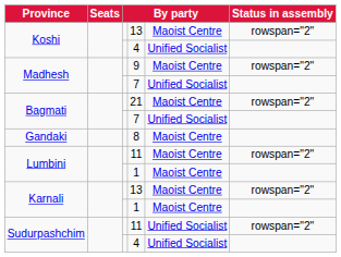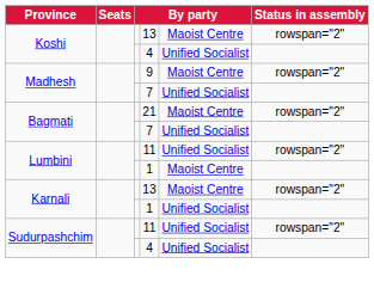 <table class="wikitable sortable" style="text-align:center">
 <tr>
 <th style="background-color:crimson; color:white">Province</th>
 <th style="background-color:crimson; color:white">Seats</th>
 <th colspan="3" style="background-color:crimson; color:white">By party</th>
 <th style="background-color:crimson; color:white">Status in assembly</th>
 </tr>
 <tr>
 <td rowspan="2"><a href='#'>Koshi</a></td>
 <td rowspan="2"></td>
 <td></td>
 <td>13</td>
 <td><a href='#'>Maoist Centre</a></td>
 <td>rowspan="2" </td>
 </tr>
 <tr>
 <td></td>
 <td>4</td>
 <td><a href='#'>Unified Socialist</a></td>
 </tr>
 <tr>
 <td rowspan="2"><a href='#'>Madhesh</a></td>
 <td rowspan="2"></td>
 <td></td>
 <td>9</td>
 <td><a href='#'>Maoist Centre</a></td>
 <td>rowspan="2" </td>
 </tr>
 <tr>
 <td></td>
 <td>7</td>
 <td><a href='#'>Unified Socialist</a></td>
 </tr>
 <tr>
 <td rowspan="2"><a href='#'>Bagmati</a></td>
 <td rowspan="2"></td>
 <td></td>
 <td>21</td>
 <td><a href='#'>Maoist Centre</a></td>
 <td>rowspan="2" </td>
 </tr>
 <tr>
 <td></td>
 <td>7</td>
 <td><a href='#'>Unified Socialist</a></td>
 </tr>
 <tr>
-<td><a href='#'>Gandaki</a></td>
-<td></td>
-<td></td>
-<td>8</td>
-<td><a href='#'>Maoist Centre</a></td>
-<td></td>
-</tr>
-<tr>
 <td rowspan="2"><a href='#'>Lumbini</a></td>
 <td rowspan="2"></td>
 <td></td>
 <td>11</td>
-<td><a href='#'>Maoist Centre</a></td>
+<td><a href='#'>Unified Socialist</a></td>
 <td>rowspan="2" </td>
 </tr>
 <tr>
 <td></td>
 <td>1</td>
 <td><a href='#'>Maoist Centre</a></td>
 </tr>
 <tr>
 <td rowspan="2"><a href='#'>Karnali</a></td>
 <td rowspan="2"></td>
 <td></td>
 <td>13</td>
 <td><a href='#'>Maoist Centre</a></td>
 <td>rowspan="2" </td>
 </tr>
 <tr>
 <td></td>
 <td>1</td>
-<td><a href='#'>Maoist Centre</a></td>
+<td><a href='#'>Unified Socialist</a></td>
 </tr>
 <tr>
 <td rowspan="2"><a href='#'>Sudurpashchim</a></td>
 <td rowspan="2"></td>
 <td></td>
 <td>11</td>
 <td><a href='#'>Unified Socialist</a></td>
 <td>rowspan="2" </td>
 </tr>
 <tr>
 <td></td>
 <td>4</td>
 <td><a href='#'>Unified Socialist</a></td>
 </tr>
 </table>
